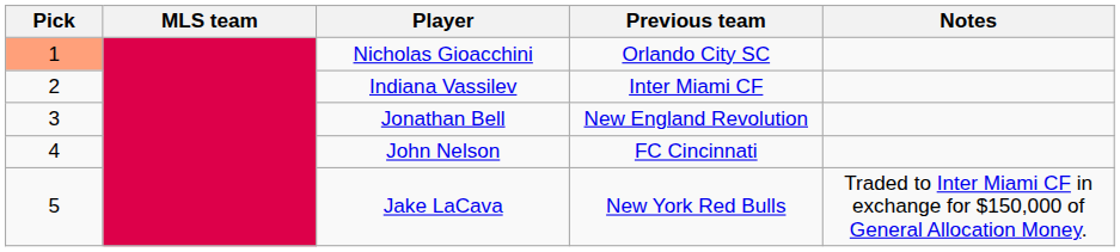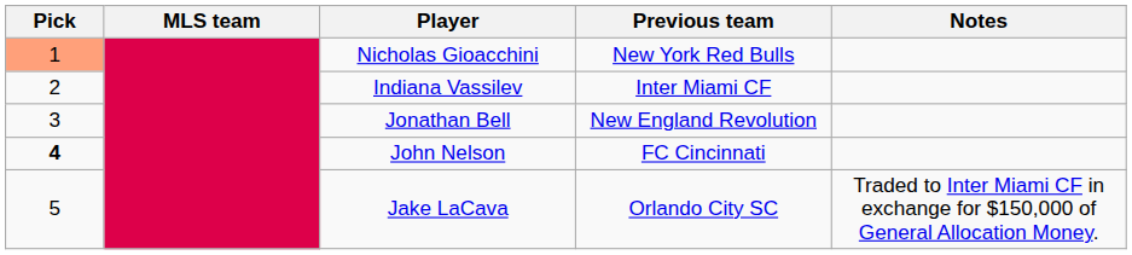 <table class="wikitable" style="text-align: center;">
 <tr>
 <th style="width:5%">Pick</th>
 <th style="width:11%">MLS team</th>
 <th style="width:13%">Player</th>
 <th style="width:13%">Previous team</th>
 <th style="width:15%">Notes</th>
 </tr>
 <tr>
 <td style="background: lightsalmon;">1</td>
 <td style="background: #DD004A" rowspan="5"></td>
 <td><a href='#'>Nicholas Gioacchini</a></td>
-<td><a href='#'>Orlando City SC</a></td>
+<td><a href='#'>New York Red Bulls</a></td>
 <td></td>
 </tr>
 <tr>
 <td>2</td>
 <td><a href='#'>Indiana Vassilev</a></td>
 <td><a href='#'>Inter Miami CF</a></td>
 <td></td>
 </tr>
 <tr>
 <td>3</td>
 <td><a href='#'>Jonathan Bell</a></td>
 <td><a href='#'>New England Revolution</a></td>
 <td></td>
 </tr>
 <tr>
-<td>4</td>
+<td><strong>4</strong></td>
 <td><a href='#'>John Nelson</a></td>
 <td><a href='#'>FC Cincinnati</a></td>
 <td></td>
 </tr>
 <tr>
 <td>5</td>
 <td><a href='#'>Jake LaCava</a></td>
-<td><a href='#'>New York Red Bulls</a></td>
+<td><a href='#'>Orlando City SC</a></td>
 <td>Traded to <a href='#'>Inter Miami CF</a> in exchange for $150,000 of <a href='#'>General Allocation Money</a>.</td>
 </tr>
 </table>
